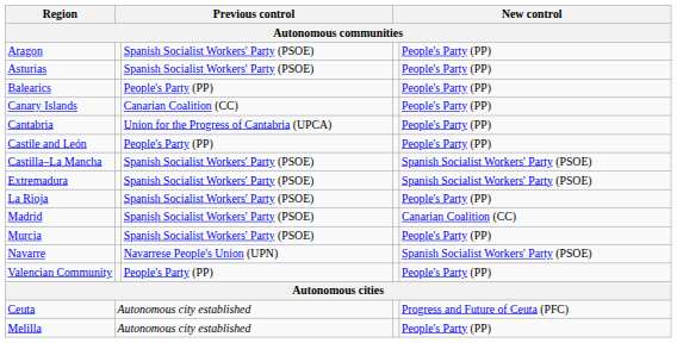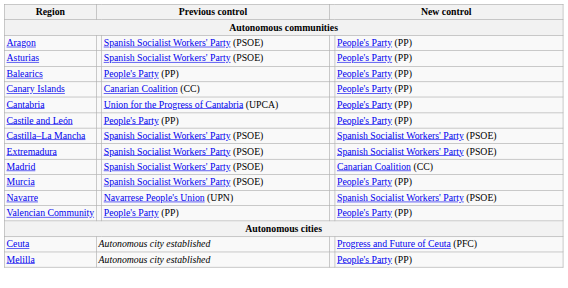 <table class="wikitable">
 <tr>
 <th>Region</th>
 <th colspan="2" style="width:375px;">Previous control</th>
 <th colspan="2" style="width:375px;">New control</th>
 </tr>
 <tr>
 <th colspan="5">Autonomous communities</th>
 </tr>
 <tr>
 <td><a href='#'>Aragon</a></td>
 <td width="1" style="color:inherit;background:"></td>
 <td><a href='#'>Spanish Socialist Workers' Party</a> (PSOE)</td>
 <td width="1" style="color:inherit;background:"></td>
 <td><a href='#'>People's Party</a> (PP)</td>
 </tr>
 <tr>
 <td><a href='#'>Asturias</a></td>
 <td style="color:inherit;background:"></td>
 <td><a href='#'>Spanish Socialist Workers' Party</a> (PSOE)</td>
 <td style="color:inherit;background:"></td>
 <td><a href='#'>People's Party</a> (PP) </td>
 </tr>
 <tr>
 <td><a href='#'>Balearics</a></td>
 <td style="color:inherit;background:"></td>
 <td><a href='#'>People's Party</a> (PP)</td>
 <td style="color:inherit;background:"></td>
 <td><a href='#'>People's Party</a> (PP)</td>
 </tr>
 <tr>
 <td><a href='#'>Canary Islands</a></td>
 <td style="color:inherit;background:"></td>
 <td><a href='#'>Canarian Coalition</a> (CC)</td>
 <td style="color:inherit;background:"></td>
 <td><a href='#'>People's Party</a> (PP)</td>
 </tr>
 <tr>
 <td><a href='#'>Cantabria</a></td>
 <td style="color:inherit;background:"></td>
 <td><a href='#'>Union for the Progress of Cantabria</a> (UPCA)</td>
 <td style="color:inherit;background:"></td>
 <td><a href='#'>People's Party</a> (PP)</td>
 </tr>
 <tr>
 <td><a href='#'>Castile and León</a></td>
 <td style="color:inherit;background:"></td>
 <td><a href='#'>People's Party</a> (PP)</td>
 <td style="color:inherit;background:"></td>
 <td><a href='#'>People's Party</a> (PP)</td>
 </tr>
 <tr>
 <td><a href='#'>Castilla–La Mancha</a></td>
 <td style="color:inherit;background:"></td>
 <td><a href='#'>Spanish Socialist Workers' Party</a> (PSOE)</td>
 <td style="color:inherit;background:"></td>
 <td><a href='#'>Spanish Socialist Workers' Party</a> (PSOE)</td>
 </tr>
 <tr>
 <td><a href='#'>Extremadura</a></td>
 <td style="color:inherit;background:"></td>
 <td><a href='#'>Spanish Socialist Workers' Party</a> (PSOE)</td>
 <td style="color:inherit;background:"></td>
 <td><a href='#'>Spanish Socialist Workers' Party</a> (PSOE)</td>
 </tr>
 <tr>
-<td><a href='#'>La Rioja</a></td>
-<td style="color:inherit;background:"></td>
-<td><a href='#'>Spanish Socialist Workers' Party</a> (PSOE)</td>
-<td style="color:inherit;background:"></td>
-<td><a href='#'>People's Party</a> (PP)</td>
-</tr>
-<tr>
 <td><a href='#'>Madrid</a></td>
 <td style="color:inherit;background:"></td>
 <td><a href='#'>Spanish Socialist Workers' Party</a> (PSOE)</td>
 <td style="color:inherit;background:"></td>
 <td><a href='#'>Canarian Coalition</a> (CC)</td>
 </tr>
 <tr>
 <td><a href='#'>Murcia</a></td>
 <td style="color:inherit;background:"></td>
 <td><a href='#'>Spanish Socialist Workers' Party</a> (PSOE)</td>
 <td style="color:inherit;background:"></td>
 <td><a href='#'>People's Party</a> (PP)</td>
 </tr>
 <tr>
 <td><a href='#'>Navarre</a></td>
 <td style="color:inherit;background:"></td>
 <td><a href='#'>Navarrese People's Union</a> (UPN)</td>
 <td style="color:inherit;background:"></td>
 <td><a href='#'>Spanish Socialist Workers' Party</a> (PSOE) </td>
 </tr>
 <tr>
 <td><a href='#'>Valencian Community</a></td>
 <td style="color:inherit;background:"></td>
 <td><a href='#'>People's Party</a> (PP)</td>
 <td style="color:inherit;background:"></td>
 <td><a href='#'>People's Party</a> (PP)</td>
 </tr>
 <tr>
 <th colspan="5">Autonomous cities</th>
 </tr>
 <tr>
 <td><a href='#'>Ceuta</a></td>
 <td colspan="2"><em>Autonomous city established</em></td>
 <td style="color:inherit;background:"></td>
 <td><a href='#'>Progress and Future of Ceuta</a> (PFC) </td>
 </tr>
 <tr>
 <td><a href='#'>Melilla</a></td>
 <td colspan="2"><em>Autonomous city established</em></td>
 <td style="color:inherit;background:"></td>
 <td><a href='#'>People's Party</a> (PP) </td>
 </tr>
 </table>
